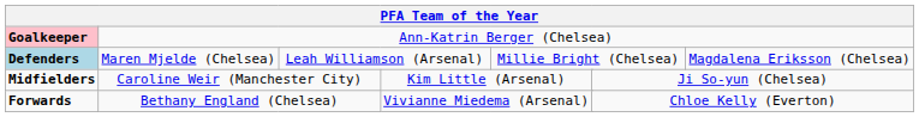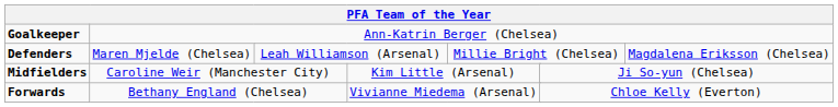 <table class="wikitable">
 <tr>
 <th colspan="13"><a href='#'>PFA Team of the Year</a></th>
 </tr>
 <tr>
-<td style="background: pink;"><strong>Goalkeeper</strong></td>
+<td><strong>Goalkeeper</strong></td>
 <td colspan="12" align="center"> <a href='#'>Ann-Katrin Berger</a> (Chelsea)</td>
 </tr>
 <tr>
-<td style="background: lightblue;"><strong>Defenders</strong></td>
+<td><strong>Defenders</strong></td>
 <td colspan="3" align="center"> <a href='#'>Maren Mjelde</a> (Chelsea)</td>
 <td colspan="3" align="center"> <a href='#'>Leah Williamson</a> (Arsenal)</td>
 <td colspan="3" align="center"> <a href='#'>Millie Bright</a> (Chelsea)</td>
 <td colspan="3" align="center"> <a href='#'>Magdalena Eriksson</a> (Chelsea)</td>
 </tr>
 <tr>
 <td><strong>Midfielders</strong></td>
 <td colspan="4" align="center"> <a href='#'>Caroline Weir</a> (Manchester City)</td>
 <td colspan="4" align="center"> <a href='#'>Kim Little</a> (Arsenal)</td>
 <td colspan="4" align="center"> <a href='#'>Ji So-yun</a> (Chelsea)</td>
 </tr>
 <tr>
 <td><strong>Forwards</strong></td>
 <td colspan="4" align="center"> <a href='#'>Bethany England</a> (Chelsea)</td>
 <td colspan="4" align="center"> <a href='#'>Vivianne Miedema</a> (Arsenal)</td>
 <td colspan="4" align="center"> <a href='#'>Chloe Kelly</a> (Everton)</td>
 </tr>
 </table>
